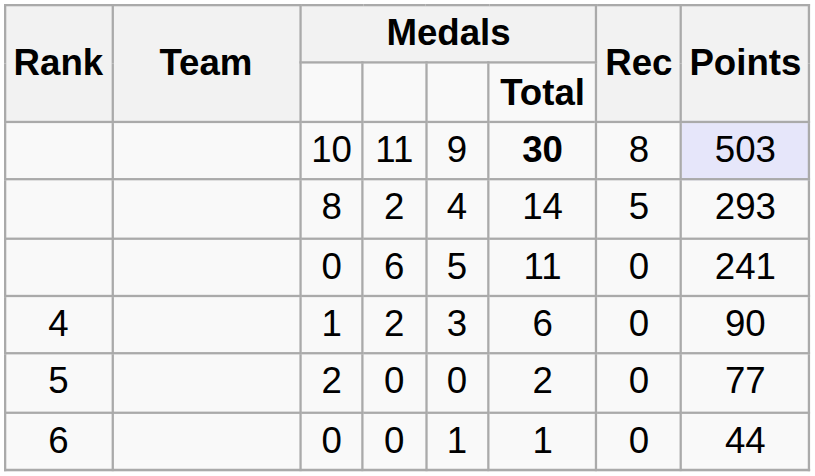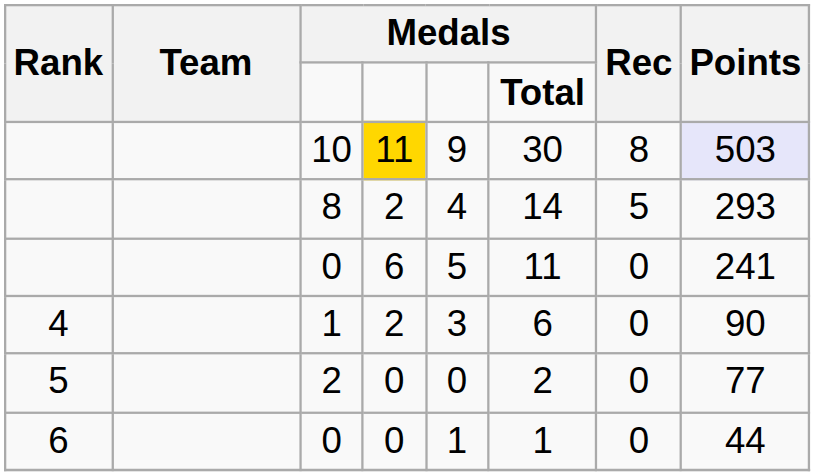 <table class="wikitable">
 <tr>
 <th rowspan=2>Rank</th>
 <th style="width:75px;" rowspan="2">Team</th>
 <th colspan=4>Medals</th>
 <th rowspan=2>Rec</th>
 <th rowspan=2>Points</th>
 </tr>
 <tr style="text-align:center;">
 <td style="width:20px; "></td>
 <td style="width:20px; "></td>
 <td style="width:20px; "></td>
 <td style="width:40px; "><strong>Total</strong></td>
 </tr>
 <tr>
 <td align=center></td>
 <td></td>
 <td align=center>10</td>
-<td align=center>11</td>
+<td align=center style="background: gold;">11</td>
 <td align=center>9</td>
-<td align=center><strong>30</strong></td>
+<td align=center>30</td>
 <td align=center>8</td>
 <td align=center style="background: lavender;">503</td>
 </tr>
 <tr>
 <td align=center></td>
 <td></td>
 <td align=center>8</td>
 <td align=center>2</td>
 <td align=center>4</td>
 <td align=center>14</td>
 <td align=center>5</td>
 <td align=center>293</td>
 </tr>
 <tr>
 <td align=center></td>
 <td></td>
 <td align=center>0</td>
 <td align=center>6</td>
 <td align=center>5</td>
 <td align=center>11</td>
 <td align=center>0</td>
 <td align=center>241</td>
 </tr>
 <tr>
 <td align=center>4</td>
 <td></td>
 <td align=center>1</td>
 <td align=center>2</td>
 <td align=center>3</td>
 <td align=center>6</td>
 <td align=center>0</td>
 <td align=center>90</td>
 </tr>
 <tr>
 <td align=center>5</td>
 <td></td>
 <td align=center>2</td>
 <td align=center>0</td>
 <td align=center>0</td>
 <td align=center>2</td>
 <td align=center>0</td>
 <td align=center>77</td>
 </tr>
 <tr>
 <td align=center>6</td>
 <td><strong></strong></td>
 <td align=center>0</td>
 <td align=center>0</td>
 <td align=center>1</td>
 <td align=center>1</td>
 <td align=center>0</td>
 <td align=center>44</td>
 </tr>
 <tr>
 </tr>
 </table>
